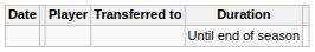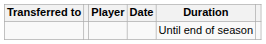 <table class="wikitable plainrowheaders sortable">
 <tr>
-<th scope="col">Date</th>
+<th scope="col">Transferred to</th>
 <th scope="col"></th>
 <th scope="col">Player</th>
-<th scope="col">Transferred to</th>
+<th scope="col">Date</th>
 <th scope="col">Duration</th>
 <th scope="col" class="unsortable"></th>
 </tr>
 <tr>
 <td></td>
 <td align="center"></td>
 <td></td>
 <td></td>
 <td>Until end of season</td>
 <td></td>
 </tr>
 </table>
